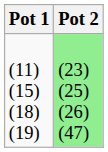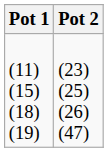 <table class=wikitable>
 <tr>
 <th width=50%>Pot 1</th>
 <th width=50%>Pot 2</th>
 </tr>
 <tr valign=top>
 <td><br> (11)<br>  (15)<br>  (18)<br>  (19)</td>
-<td style="background: lightgreen;"><br> (23)<br>  (25)<br>  (26)<br>  (47)</td>
+<td><br> (23)<br>  (25)<br>  (26)<br>  (47)</td>
 </tr>
 </table>
